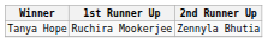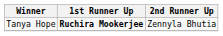 <table class="wikitable">
 <tr>
 <th>Winner</th>
 <th>1st Runner Up</th>
 <th>2nd Runner Up</th>
 </tr>
 <tr>
 <td>Tanya Hope</td>
-<td>Ruchira Mookerjee</td>
+<td><strong>Ruchira Mookerjee</strong></td>
 <td>Zennyla Bhutia</td>
 </tr>
 <tr>
 </tr>
 </table>
